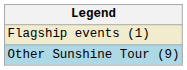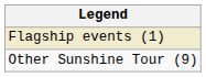 <table class="wikitable" style="font-size:95%;">
 <tr>
 <th>Legend</th>
 </tr>
 <tr style="background:#f2ecce;">
 <td>Flagship events (1)</td>
 </tr>
 <tr>
-<td style="background: lightblue;">Other Sunshine Tour (9)</td>
+<td>Other Sunshine Tour (9)</td>
 </tr>
 </table>
